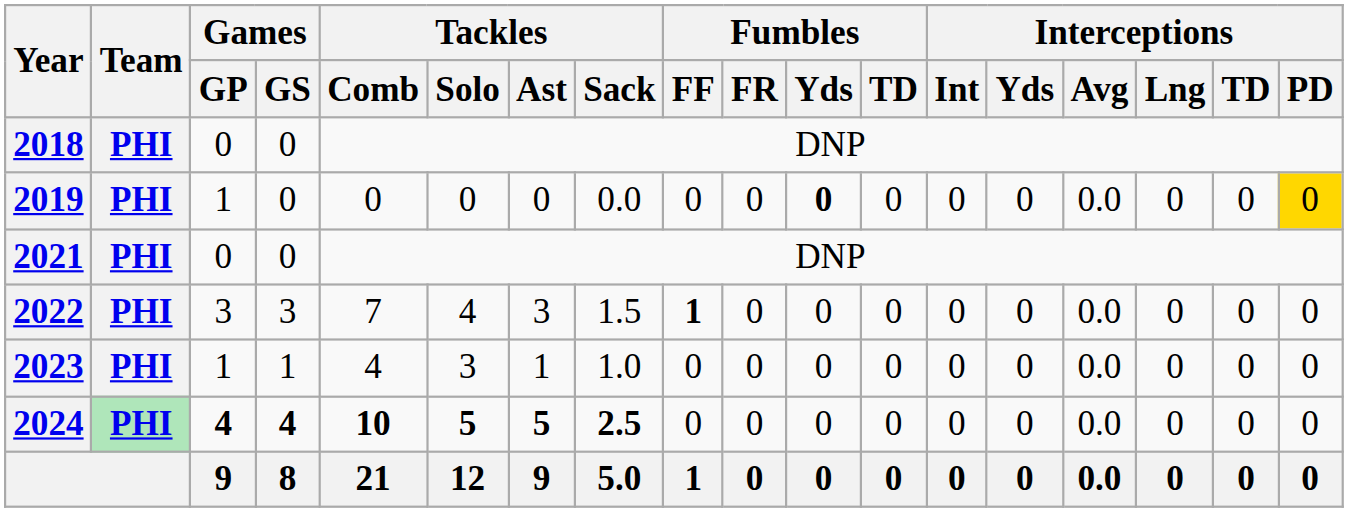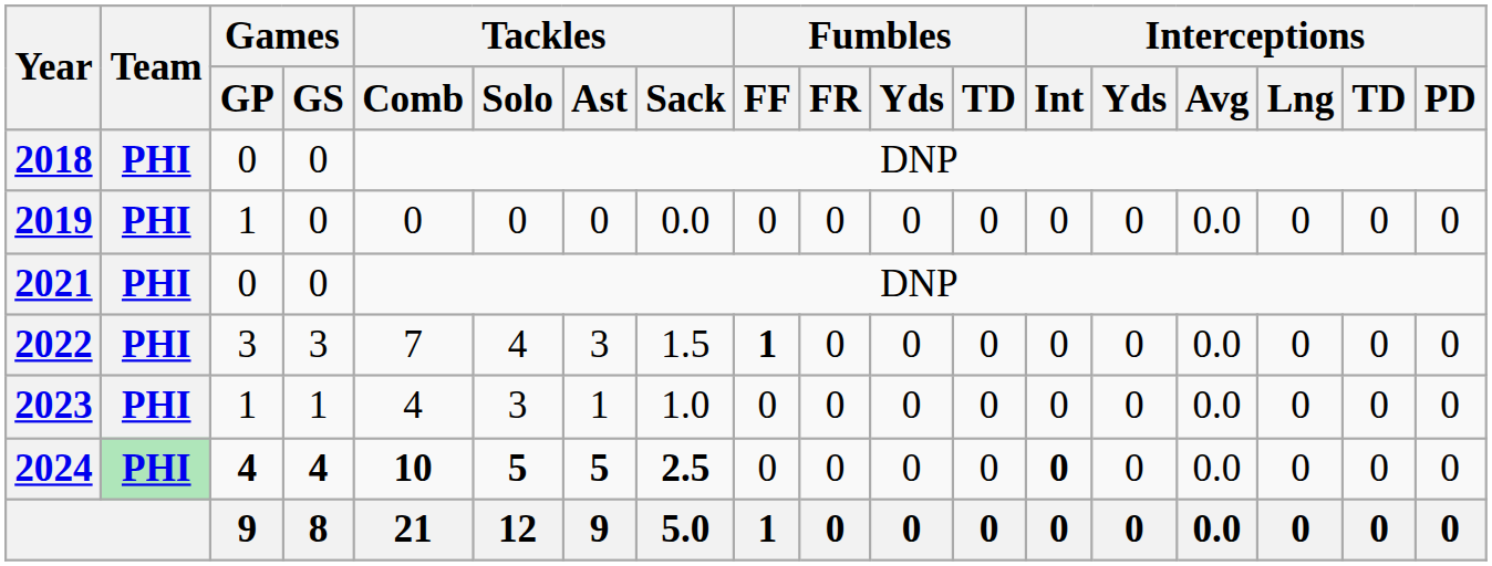 <table class="wikitable" style="text-align:center">
 <tr>
 <th rowspan="2">Year</th>
 <th rowspan="2">Team</th>
 <th colspan="2">Games</th>
 <th colspan="4">Tackles</th>
 <th colspan="4">Fumbles</th>
 <th colspan="6">Interceptions</th>
 </tr>
 <tr>
 <th>GP</th>
 <th>GS</th>
 <th>Comb</th>
 <th>Solo</th>
 <th>Ast</th>
 <th>Sack</th>
 <th>FF</th>
 <th>FR</th>
 <th>Yds</th>
 <th>TD</th>
 <th>Int</th>
 <th>Yds</th>
 <th>Avg</th>
 <th>Lng</th>
 <th>TD</th>
 <th>PD</th>
 </tr>
 <tr>
 <th><a href='#'>2018</a></th>
 <th><a href='#'>PHI</a></th>
 <td>0</td>
 <td>0</td>
 <td colspan="14">DNP</td>
 </tr>
 <tr>
 <th><a href='#'>2019</a></th>
 <th><a href='#'>PHI</a></th>
 <td>1</td>
 <td>0</td>
 <td>0</td>
 <td>0</td>
 <td>0</td>
 <td>0.0</td>
 <td>0</td>
 <td>0</td>
-<td><strong>0</strong></td>
+<td>0</td>
 <td>0</td>
 <td>0</td>
 <td>0</td>
 <td>0.0</td>
 <td>0</td>
 <td>0</td>
-<td style="background: gold;">0</td>
+<td>0</td>
 </tr>
 <tr>
 <th><a href='#'>2021</a></th>
 <th><a href='#'>PHI</a></th>
 <td>0</td>
 <td>0</td>
 <td colspan="14">DNP</td>
 </tr>
 <tr>
 <th><a href='#'>2022</a></th>
 <th><a href='#'>PHI</a></th>
 <td>3</td>
 <td>3</td>
 <td>7</td>
 <td>4</td>
 <td>3</td>
 <td>1.5</td>
 <td><strong>1</strong></td>
 <td>0</td>
 <td>0</td>
 <td>0</td>
 <td>0</td>
 <td>0</td>
 <td>0.0</td>
 <td>0</td>
 <td>0</td>
 <td>0</td>
 </tr>
 <tr>
 <th><a href='#'>2023</a></th>
 <th><a href='#'>PHI</a></th>
 <td>1</td>
 <td>1</td>
 <td>4</td>
 <td>3</td>
 <td>1</td>
 <td>1.0</td>
 <td>0</td>
 <td>0</td>
 <td>0</td>
 <td>0</td>
 <td>0</td>
 <td>0</td>
 <td>0.0</td>
 <td>0</td>
 <td>0</td>
 <td>0</td>
 </tr>
 <tr>
 <th><a href='#'>2024</a></th>
 <th style="background:#afe6ba;"><a href='#'>PHI</a></th>
 <td><strong>4</strong></td>
 <td><strong>4</strong></td>
 <td><strong>10</strong></td>
 <td><strong>5</strong></td>
 <td><strong>5</strong></td>
 <td><strong>2.5</strong></td>
 <td>0</td>
 <td>0</td>
 <td>0</td>
 <td>0</td>
-<td>0</td>
+<td><strong>0</strong></td>
 <td>0</td>
 <td>0.0</td>
 <td>0</td>
 <td>0</td>
 <td>0</td>
 </tr>
 <tr>
 <th colspan="2"></th>
 <th>9</th>
 <th>8</th>
 <th>21</th>
 <th>12</th>
 <th>9</th>
 <th>5.0</th>
 <th>1</th>
 <th>0</th>
 <th>0</th>
 <th>0</th>
 <th>0</th>
 <th>0</th>
 <th>0.0</th>
 <th>0</th>
 <th>0</th>
 <th>0</th>
 </tr>
 </table>
